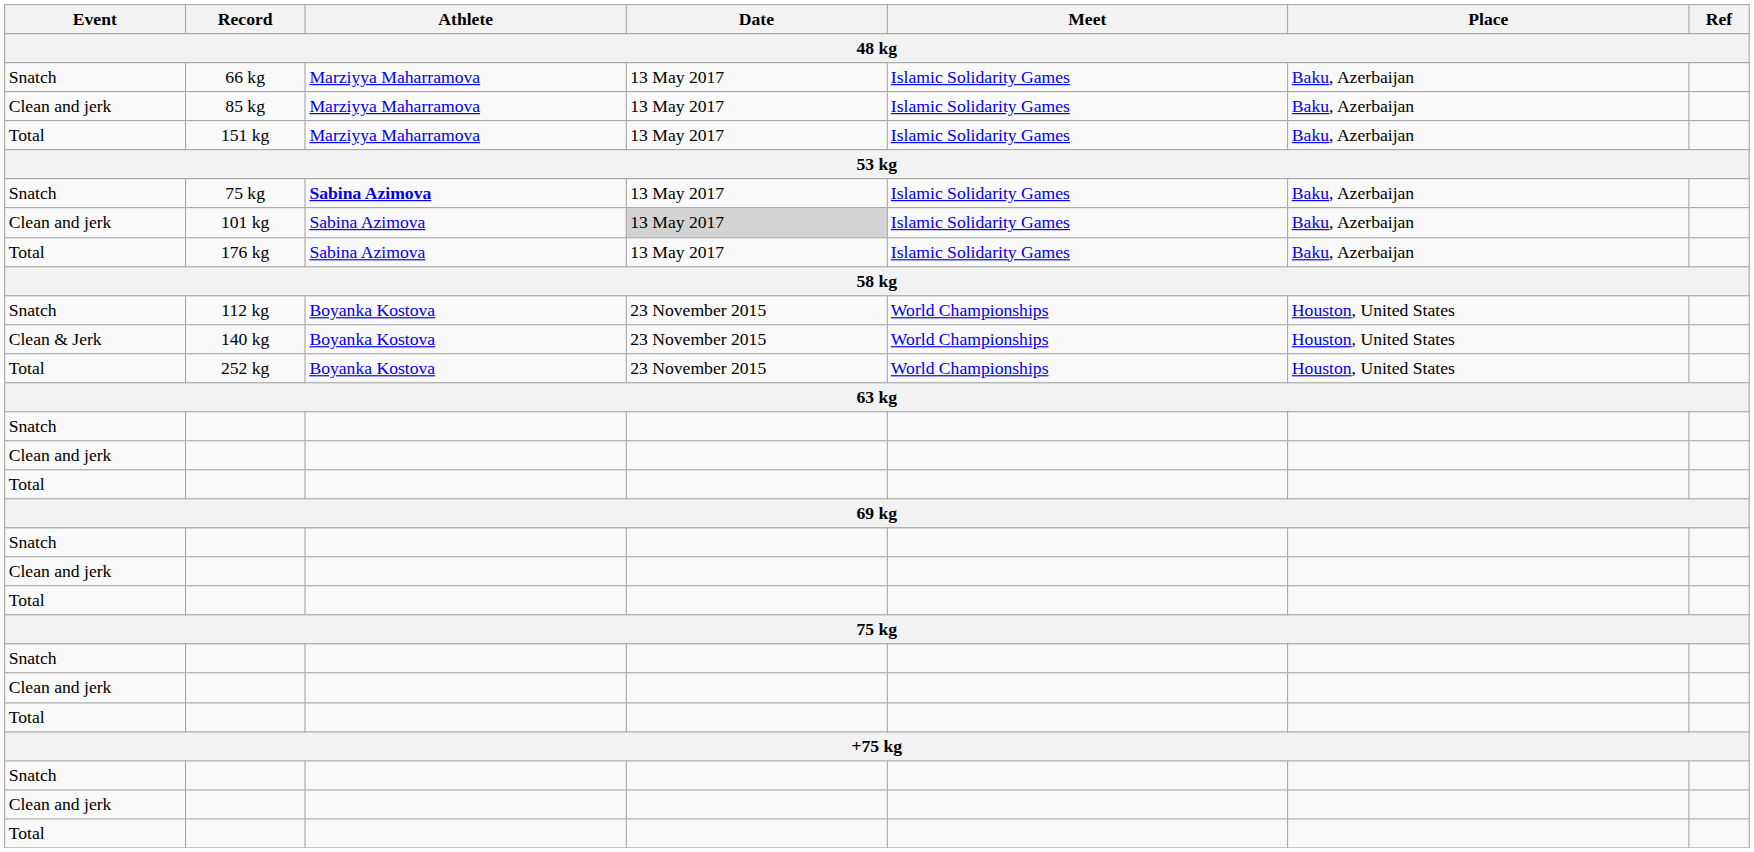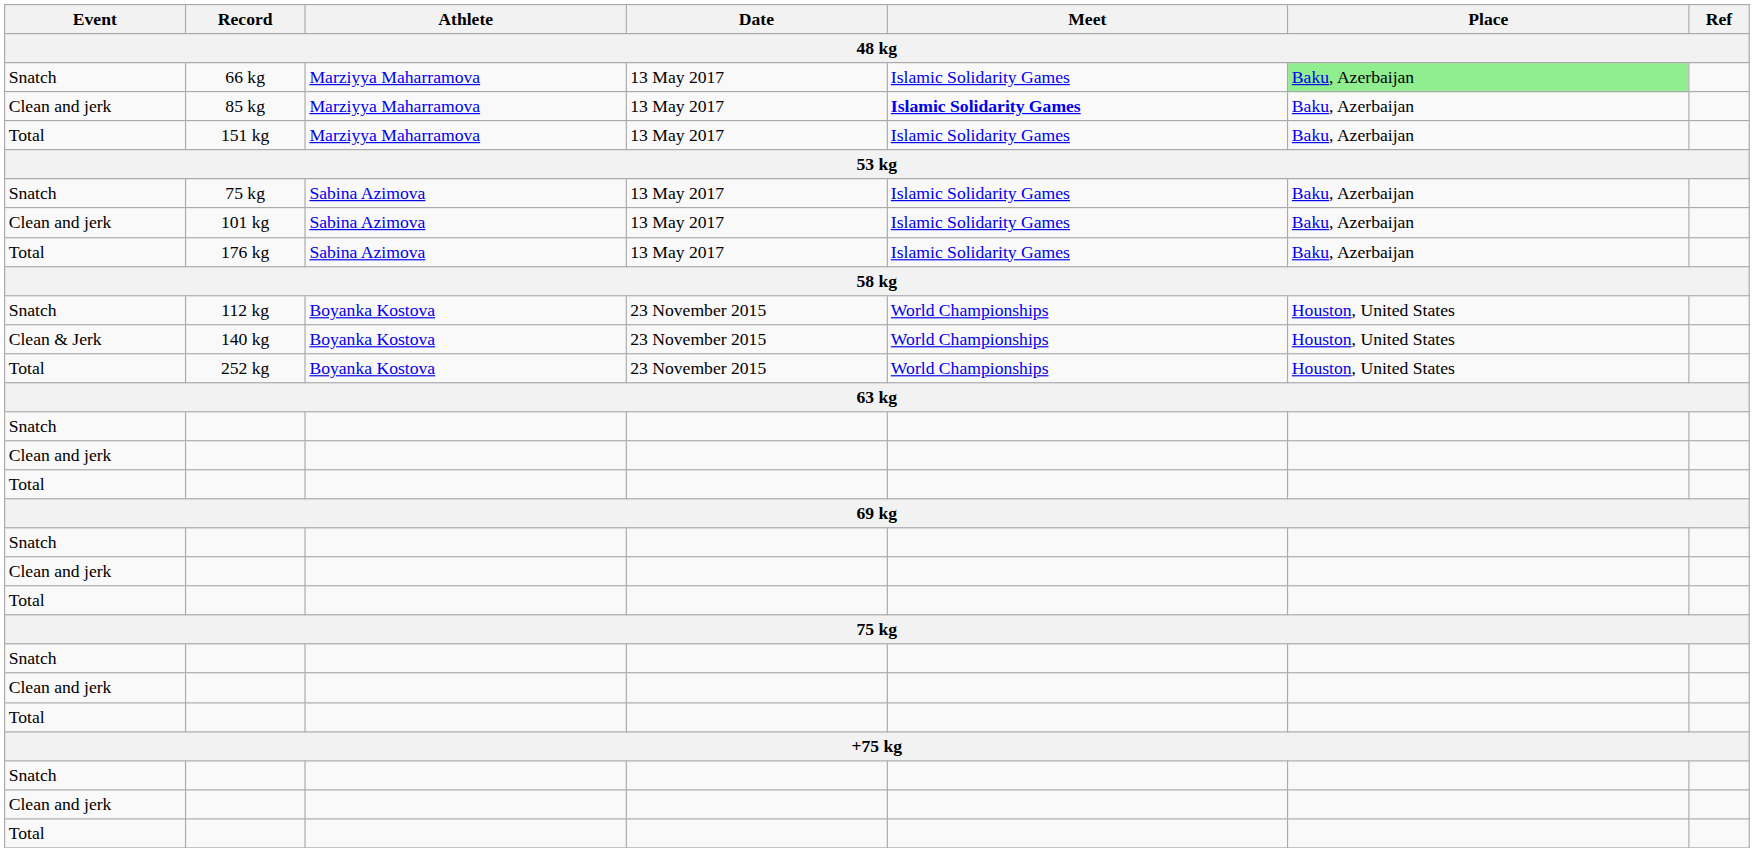 <table class="wikitable" style="font-size:95%; width: 95%;">
 <tr>
 <th width=9%>Event</th>
 <th width=6%>Record</th>
 <th width=16%>Athlete</th>
 <th width=13%>Date</th>
 <th width=20%>Meet</th>
 <th width=20%>Place</th>
 <th width=3%>Ref</th>
 </tr>
 <tr bgcolor="#DDDDDD">
 <th colspan=7>48 kg</th>
 </tr>
 <tr>
 <td>Snatch</td>
 <td align="center">66 kg</td>
 <td><a href='#'>Marziyya Maharramova</a></td>
 <td>13 May 2017</td>
 <td><a href='#'>Islamic Solidarity Games</a></td>
-<td><a href='#'>Baku</a>, Azerbaijan</td>
+<td style="background: lightgreen;"><a href='#'>Baku</a>, Azerbaijan</td>
 <td></td>
 </tr>
 <tr>
 <td>Clean and jerk</td>
 <td align="center">85 kg</td>
 <td><a href='#'>Marziyya Maharramova</a></td>
 <td>13 May 2017</td>
-<td><a href='#'>Islamic Solidarity Games</a></td>
+<td><strong><a href='#'>Islamic Solidarity Games</a></strong></td>
 <td><a href='#'>Baku</a>, Azerbaijan</td>
 <td></td>
 </tr>
 <tr>
 <td>Total</td>
 <td align="center">151 kg</td>
 <td><a href='#'>Marziyya Maharramova</a></td>
 <td>13 May 2017</td>
 <td><a href='#'>Islamic Solidarity Games</a></td>
 <td><a href='#'>Baku</a>, Azerbaijan</td>
 <td></td>
 </tr>
 <tr bgcolor="#DDDDDD">
 <th colspan=7>53 kg</th>
 </tr>
 <tr>
 <td>Snatch</td>
 <td align="center">75 kg</td>
-<td><strong><a href='#'>Sabina Azimova</a></strong></td>
+<td><a href='#'>Sabina Azimova</a></td>
 <td>13 May 2017</td>
 <td><a href='#'>Islamic Solidarity Games</a></td>
 <td><a href='#'>Baku</a>, Azerbaijan</td>
 <td></td>
 </tr>
 <tr>
 <td>Clean and jerk</td>
 <td align="center">101 kg</td>
 <td><a href='#'>Sabina Azimova</a></td>
-<td style="background: lightgrey;">13 May 2017</td>
+<td>13 May 2017</td>
 <td><a href='#'>Islamic Solidarity Games</a></td>
 <td><a href='#'>Baku</a>, Azerbaijan</td>
 <td></td>
 </tr>
 <tr>
 <td>Total</td>
 <td align="center">176 kg</td>
 <td><a href='#'>Sabina Azimova</a></td>
 <td>13 May 2017</td>
 <td><a href='#'>Islamic Solidarity Games</a></td>
 <td><a href='#'>Baku</a>, Azerbaijan</td>
 <td></td>
 </tr>
 <tr bgcolor="#DDDDDD">
 <th colspan=7>58 kg</th>
 </tr>
 <tr>
 <td>Snatch</td>
 <td align="center">112 kg</td>
 <td><a href='#'>Boyanka Kostova</a></td>
 <td>23 November 2015</td>
 <td><a href='#'>World Championships</a></td>
 <td><a href='#'>Houston</a>, United States</td>
 <td></td>
 </tr>
 <tr>
 <td>Clean & Jerk</td>
 <td align="center">140 kg</td>
 <td><a href='#'>Boyanka Kostova</a></td>
 <td>23 November 2015</td>
 <td><a href='#'>World Championships</a></td>
 <td><a href='#'>Houston</a>, United States</td>
 <td></td>
 </tr>
 <tr>
 <td>Total</td>
 <td align="center">252 kg</td>
 <td><a href='#'>Boyanka Kostova</a></td>
 <td>23 November 2015</td>
 <td><a href='#'>World Championships</a></td>
 <td><a href='#'>Houston</a>, United States</td>
 <td></td>
 </tr>
 <tr bgcolor="#DDDDDD">
 <th colspan=7>63 kg</th>
 </tr>
 <tr>
 <td>Snatch</td>
 <td></td>
 <td></td>
 <td></td>
 <td></td>
 <td></td>
 <td></td>
 </tr>
 <tr>
 <td>Clean and jerk</td>
 <td></td>
 <td></td>
 <td></td>
 <td></td>
 <td></td>
 <td></td>
 </tr>
 <tr>
 <td>Total</td>
 <td></td>
 <td></td>
 <td></td>
 <td></td>
 <td></td>
 <td></td>
 </tr>
 <tr bgcolor="#DDDDDD">
 <th colspan=7>69 kg</th>
 </tr>
 <tr>
 <td>Snatch</td>
 <td></td>
 <td></td>
 <td></td>
 <td></td>
 <td></td>
 <td></td>
 </tr>
 <tr>
 <td>Clean and jerk</td>
 <td></td>
 <td></td>
 <td></td>
 <td></td>
 <td></td>
 <td></td>
 </tr>
 <tr>
 <td>Total</td>
 <td></td>
 <td></td>
 <td></td>
 <td></td>
 <td></td>
 <td></td>
 </tr>
 <tr bgcolor="#DDDDDD">
 <th colspan=7>75 kg</th>
 </tr>
 <tr>
 <td>Snatch</td>
 <td></td>
 <td></td>
 <td></td>
 <td></td>
 <td></td>
 <td></td>
 </tr>
 <tr>
 <td>Clean and jerk</td>
 <td></td>
 <td></td>
 <td></td>
 <td></td>
 <td></td>
 <td></td>
 </tr>
 <tr>
 <td>Total</td>
 <td></td>
 <td></td>
 <td></td>
 <td></td>
 <td></td>
 <td></td>
 </tr>
 <tr bgcolor="#DDDDDD">
 <th colspan=7>+75 kg</th>
 </tr>
 <tr>
 <td>Snatch</td>
 <td></td>
 <td></td>
 <td></td>
 <td></td>
 <td></td>
 <td></td>
 </tr>
 <tr>
 <td>Clean and jerk</td>
 <td></td>
 <td></td>
 <td></td>
 <td></td>
 <td></td>
 <td></td>
 </tr>
 <tr>
 <td>Total</td>
 <td></td>
 <td></td>
 <td></td>
 <td></td>
 <td></td>
 <td></td>
 </tr>
 </table>
